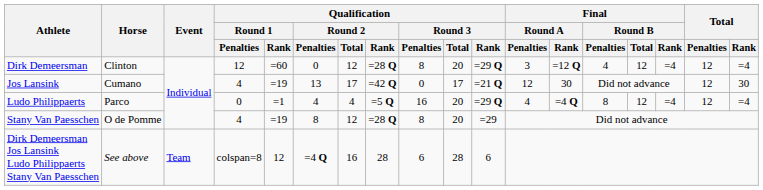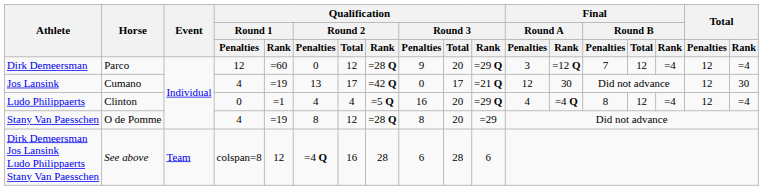 <table class="wikitable" style="font-size:90%">
 <tr>
 <th rowspan="3">Athlete</th>
 <th rowspan="3">Horse</th>
 <th rowspan="3">Event</th>
 <th colspan="8">Qualification</th>
 <th colspan="5">Final</th>
 <th rowspan=2 colspan="2">Total</th>
 </tr>
 <tr style="font-size:95%">
 <th colspan="2">Round 1</th>
 <th colspan="3">Round 2</th>
 <th colspan="3">Round 3</th>
 <th colspan="2">Round A</th>
 <th colspan="3">Round B</th>
 </tr>
 <tr style="font-size:95%">
 <th>Penalties</th>
 <th>Rank</th>
 <th>Penalties</th>
 <th>Total</th>
 <th>Rank</th>
 <th>Penalties</th>
 <th>Total</th>
 <th>Rank</th>
 <th>Penalties</th>
 <th>Rank</th>
 <th>Penalties</th>
 <th>Total</th>
 <th>Rank</th>
 <th>Penalties</th>
 <th>Rank</th>
 </tr>
 <tr align=center>
 <td align=left><a href='#'>Dirk Demeersman</a></td>
-<td align=left>Clinton</td>
+<td align=left>Parco</td>
 <td align=left rowspan=4><a href='#'>Individual</a></td>
 <td>12</td>
 <td>=60</td>
 <td>0</td>
 <td>12</td>
 <td>=28 <strong>Q</strong></td>
-<td>8</td>
+<td>9</td>
 <td>20</td>
 <td>=29 <strong>Q</strong></td>
 <td>3</td>
 <td>=12 <strong>Q</strong></td>
-<td>4</td>
+<td>7</td>
 <td>12</td>
 <td>=4</td>
 <td>12</td>
 <td>=4</td>
 </tr>
 <tr align=center>
 <td align=left><a href='#'>Jos Lansink</a></td>
 <td align=left>Cumano</td>
 <td>4</td>
 <td>=19</td>
 <td>13</td>
 <td>17</td>
 <td>=42 <strong>Q</strong></td>
 <td>0</td>
 <td>17</td>
 <td>=21 <strong>Q</strong></td>
 <td>12</td>
 <td>30</td>
 <td colspan=3>Did not advance</td>
 <td>12</td>
 <td>30</td>
 </tr>
 <tr align=center>
 <td align=left><a href='#'>Ludo Philippaerts</a></td>
-<td align=left>Parco</td>
+<td align=left>Clinton</td>
 <td>0</td>
 <td>=1</td>
 <td>4</td>
 <td>4</td>
 <td>=5 <strong>Q</strong></td>
 <td>16</td>
 <td>20</td>
 <td>=29 <strong>Q</strong></td>
 <td>4</td>
 <td>=4 <strong>Q</strong></td>
 <td>8</td>
 <td>12</td>
 <td>=4</td>
 <td>12</td>
 <td>=4</td>
 </tr>
 <tr align=center>
 <td align=left><a href='#'>Stany Van Paesschen</a></td>
 <td align=left>O de Pomme</td>
 <td>4</td>
 <td>=19</td>
 <td>8</td>
 <td>12</td>
 <td>=28 <strong>Q</strong></td>
 <td>8</td>
 <td>20</td>
 <td>=29</td>
 <td colspan=7>Did not advance</td>
 </tr>
 <tr align=center>
 <td align=left><a href='#'>Dirk Demeersman</a><br><a href='#'>Jos Lansink</a><br><a href='#'>Ludo Philippaerts</a><br><a href='#'>Stany Van Paesschen</a></td>
 <td align=left><em>See above</em></td>
 <td align=left><a href='#'>Team</a></td>
 <td>colspan=8 </td>
 <td>12</td>
 <td>=4 <strong>Q</strong></td>
 <td>16</td>
 <td>28</td>
 <td>6</td>
 <td>28</td>
 <td>6</td>
 </tr>
 </table>
